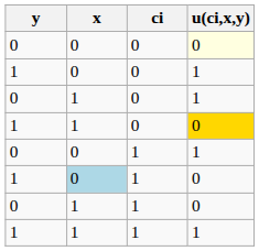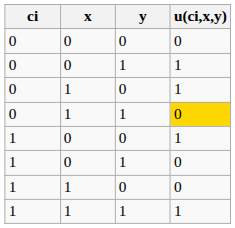 <table class="wikitable" style="margin: 1em auto 1em auto">
 <tr>
+<th width="50">ci</th>
+<th width="50">x</th>
 <th width="50">y</th>
-<th width="50">x</th>
-<th width="50">ci</th>
 <th width="50">u(ci,x,y)</th>
 </tr>
 <tr>
 <td>0</td>
 <td>0</td>
 <td>0</td>
-<td style="background: lightyellow;">0</td>
+<td>0</td>
 </tr>
 <tr>
-<td>1</td>
 <td>0</td>
 <td>0</td>
+<td>1</td>
 <td>1</td>
 </tr>
 <tr>
 <td>0</td>
 <td>1</td>
 <td>0</td>
 <td>1</td>
 </tr>
 <tr>
+<td>0</td>
 <td>1</td>
 <td>1</td>
-<td>0</td>
 <td style="background: gold;">0</td>
 </tr>
 <tr>
+<td>1</td>
 <td>0</td>
 <td>0</td>
-<td>1</td>
 <td>1</td>
 </tr>
 <tr>
 <td>1</td>
-<td style="background: lightblue;">0</td>
+<td>0</td>
 <td>1</td>
 <td>0</td>
 </tr>
 <tr>
-<td>0</td>
 <td>1</td>
 <td>1</td>
+<td>0</td>
 <td>0</td>
 </tr>
 <tr>
 <td>1</td>
 <td>1</td>
 <td>1</td>
 <td>1</td>
 </tr>
 </table>
